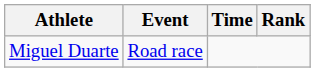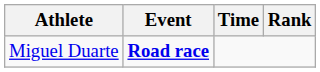 <table class=wikitable style="font-size:90%;">
 <tr>
 <th>Athlete</th>
 <th>Event</th>
 <th>Time</th>
 <th>Rank</th>
 </tr>
 <tr align=center>
 <td align=left><a href='#'>Miguel Duarte</a></td>
-<td align=left><a href='#'>Road race</a></td>
+<td align=left><strong><a href='#'>Road race</a></strong></td>
 <td colspan=2></td>
 </tr>
 </table>
